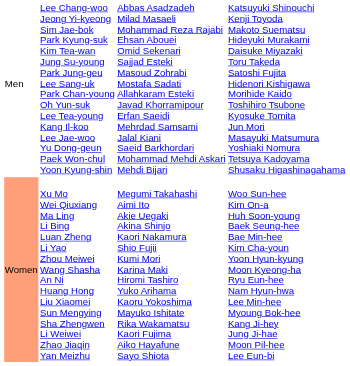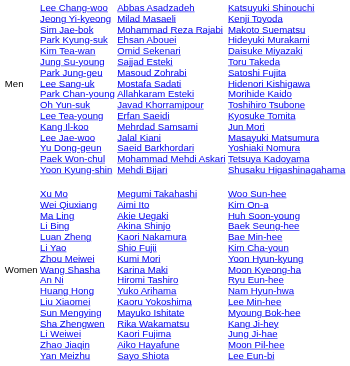 <table>
 <tr>
 <td>Men<br></td>
 <td><br><a href='#'>Lee Chang-woo</a><br><a href='#'>Jeong Yi-kyeong</a><br><a href='#'>Sim Jae-bok</a><br><a href='#'>Park Kyung-suk</a><br><a href='#'>Kim Tea-wan</a><br><a href='#'>Jung Su-young</a><br><a href='#'>Park Jung-geu</a><br><a href='#'>Lee Sang-uk</a><br><a href='#'>Park Chan-young</a><br><a href='#'>Oh Yun-suk</a><br><a href='#'>Lee Tea-young</a><br><a href='#'>Kang Il-koo</a><br><a href='#'>Lee Jae-woo</a><br><a href='#'>Yu Dong-geun</a><br><a href='#'>Paek Won-chul</a><br><a href='#'>Yoon Kyung-shin</a></td>
 <td><br><a href='#'>Abbas Asadzadeh</a><br><a href='#'>Milad Masaeli</a><br><a href='#'>Mohammad Reza Rajabi</a><br><a href='#'>Ehsan Abouei</a><br><a href='#'>Omid Sekenari</a><br><a href='#'>Sajjad Esteki</a><br><a href='#'>Masoud Zohrabi</a><br><a href='#'>Mostafa Sadati</a><br><a href='#'>Allahkaram Esteki</a><br><a href='#'>Javad Khorramipour</a><br><a href='#'>Erfan Saeidi</a><br><a href='#'>Mehrdad Samsami</a><br><a href='#'>Jalal Kiani</a><br><a href='#'>Saeid Barkhordari</a><br><a href='#'>Mohammad Mehdi Askari</a><br><a href='#'>Mehdi Bijari</a></td>
 <td><br><a href='#'>Katsuyuki Shinouchi</a><br><a href='#'>Kenji Toyoda</a><br><a href='#'>Makoto Suematsu</a><br><a href='#'>Hideyuki Murakami</a><br><a href='#'>Daisuke Miyazaki</a><br><a href='#'>Toru Takeda</a><br><a href='#'>Satoshi Fujita</a><br><a href='#'>Hidenori Kishigawa</a><br><a href='#'>Morihide Kaido</a><br><a href='#'>Toshihiro Tsubone</a><br><a href='#'>Kyosuke Tomita</a><br><a href='#'>Jun Mori</a><br><a href='#'>Masayuki Matsumura</a><br><a href='#'>Yoshiaki Nomura</a><br><a href='#'>Tetsuya Kadoyama</a><br><a href='#'>Shusaku Higashinagahama</a></td>
 </tr>
 <tr>
-<td style="background: lightsalmon;">Women<br></td>
+<td>Women<br></td>
 <td><br><a href='#'>Xu Mo</a><br><a href='#'>Wei Qiuxiang</a><br><a href='#'>Ma Ling</a><br><a href='#'>Li Bing</a><br><a href='#'>Luan Zheng</a><br><a href='#'>Li Yao</a><br><a href='#'>Zhou Meiwei</a><br><a href='#'>Wang Shasha</a><br><a href='#'>An Ni</a><br><a href='#'>Huang Hong</a><br><a href='#'>Liu Xiaomei</a><br><a href='#'>Sun Mengying</a><br><a href='#'>Sha Zhengwen</a><br><a href='#'>Li Weiwei</a><br><a href='#'>Zhao Jiaqin</a><br><a href='#'>Yan Meizhu</a></td>
 <td><br><a href='#'>Megumi Takahashi</a><br><a href='#'>Aimi Ito</a><br><a href='#'>Akie Uegaki</a><br><a href='#'>Akina Shinjo</a><br><a href='#'>Kaori Nakamura</a><br><a href='#'>Shio Fujii</a><br><a href='#'>Kumi Mori</a><br><a href='#'>Karina Maki</a><br><a href='#'>Hiromi Tashiro</a><br><a href='#'>Yuko Arihama</a><br><a href='#'>Kaoru Yokoshima</a><br><a href='#'>Mayuko Ishitate</a><br><a href='#'>Rika Wakamatsu</a><br><a href='#'>Kaori Fujima</a><br><a href='#'>Aiko Hayafune</a><br><a href='#'>Sayo Shiota</a></td>
 <td><br><a href='#'>Woo Sun-hee</a><br><a href='#'>Kim On-a</a><br><a href='#'>Huh Soon-young</a><br><a href='#'>Baek Seung-hee</a><br><a href='#'>Bae Min-hee</a><br><a href='#'>Kim Cha-youn</a><br><a href='#'>Yoon Hyun-kyung</a><br><a href='#'>Moon Kyeong-ha</a><br><a href='#'>Ryu Eun-hee</a><br><a href='#'>Nam Hyun-hwa</a><br><a href='#'>Lee Min-hee</a><br><a href='#'>Myoung Bok-hee</a><br><a href='#'>Kang Ji-hey</a><br><a href='#'>Jung Ji-hae</a><br><a href='#'>Moon Pil-hee</a><br><a href='#'>Lee Eun-bi</a></td>
 </tr>
 </table>
